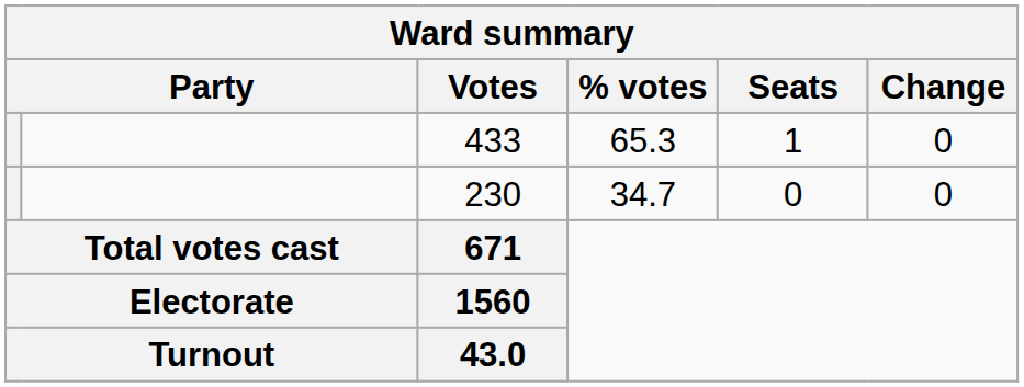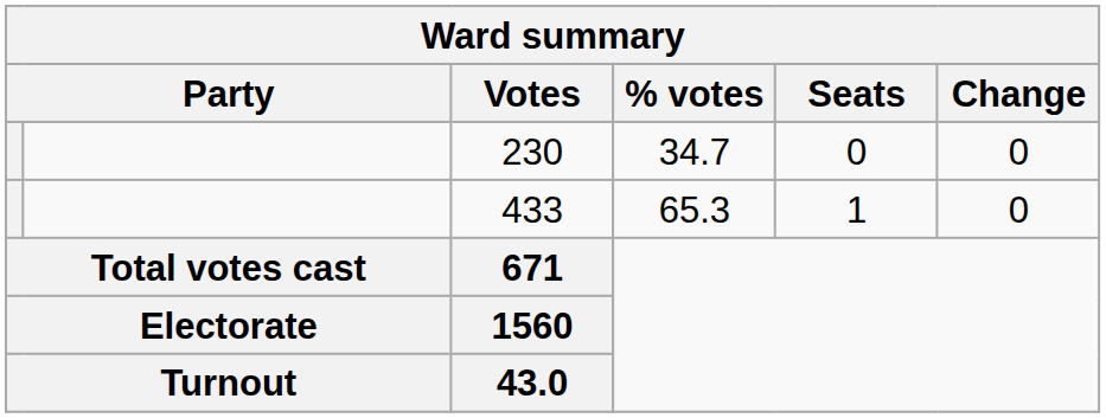 <table class="wikitable" style="font-size: 95%;">
 <tr style="background-color:#E9E9E9">
 <th colspan="6">Ward summary</th>
 </tr>
 <tr style="background-color:#E9E9E9">
 <th colspan="2">Party</th>
 <th style="width: 60px">Votes</th>
 <th style="width: 60px">% votes</th>
 <th style="width: 60px">Seats</th>
 <th style="width: 60px">Change</th>
 </tr>
 <tr>
 <th style="background-color: "></th>
 <td style="width: 170px"><a href='#'></a></td>
-<td align="center">433</td>
-<td align="center">65.3</td>
-<td align="center">1</td>
+<td align="center">230</td>
+<td align="center">34.7</td>
+<td align="center">0</td>
 <td align="center">0</td>
 </tr>
 <tr>
 <th style="background-color: "></th>
 <td style="width: 170px"><a href='#'></a></td>
-<td align="center">230</td>
-<td align="center">34.7</td>
-<td align="center">0</td>
+<td align="center">433</td>
+<td align="center">65.3</td>
+<td align="center">1</td>
 <td align="center">0</td>
 </tr>
 <tr style="background-color:#E9E9E9">
 <th colspan="2">Total votes cast</th>
 <th style="width: 60px">671</th>
 </tr>
 <tr style="background-color:#E9E9E9">
 <th colspan="2">Electorate</th>
 <th style="width: 60px">1560</th>
 </tr>
 <tr style="background-color:#E9E9E9">
 <th colspan="2">Turnout</th>
 <th style="width: 60px">43.0</th>
 </tr>
 </table>
